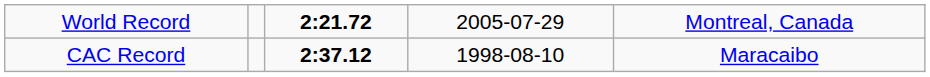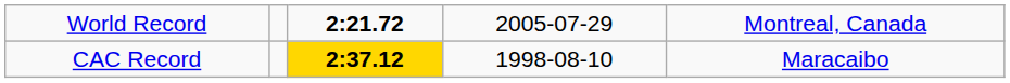 <table class="wikitable" style=" text-align:center; font-size:95%;" width="75%">
 <tr>
 <td><a href='#'>World Record</a></td>
 <td></td>
 <td><strong>2:21.72</strong></td>
 <td>2005-07-29</td>
 <td> <a href='#'>Montreal, Canada</a></td>
 </tr>
 <tr>
 <td><a href='#'>CAC Record</a></td>
 <td></td>
-<td><strong>2:37.12</strong></td>
+<td style="background: gold;"><strong>2:37.12</strong></td>
 <td>1998-08-10</td>
 <td> <a href='#'>Maracaibo</a></td>
 </tr>
 </table>
